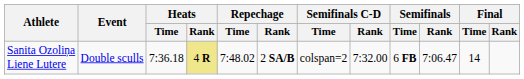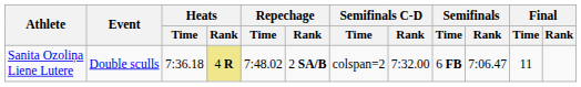 <table class="wikitable" style="font-size:90%">
 <tr>
 <th rowspan="2">Athlete</th>
 <th rowspan="2">Event</th>
 <th colspan="2">Heats</th>
 <th colspan="2">Repechage</th>
 <th colspan="2">Semifinals C-D</th>
 <th colspan="2">Semifinals</th>
 <th colspan="2">Final</th>
 </tr>
 <tr style="font-size:95%">
 <th>Time</th>
 <th>Rank</th>
 <th>Time</th>
 <th>Rank</th>
 <th>Time</th>
 <th>Rank</th>
 <th>Time</th>
 <th>Rank</th>
 <th>Time</th>
 <th>Rank</th>
 </tr>
 <tr align=center>
 <td align=left><a href='#'>Sanita Ozoliņa</a><br><a href='#'>Liene Lutere</a></td>
 <td align=left><a href='#'>Double sculls</a></td>
 <td>7:36.18</td>
 <td style="background: khaki;">4 <strong>R</strong></td>
 <td>7:48.02</td>
 <td>2 <strong>SA/B</strong></td>
 <td>colspan=2 </td>
 <td>7:32.00</td>
 <td>6 <strong>FB</strong></td>
 <td>7:06.47</td>
-<td>14</td>
+<td>11</td>
 </tr>
 </table>
